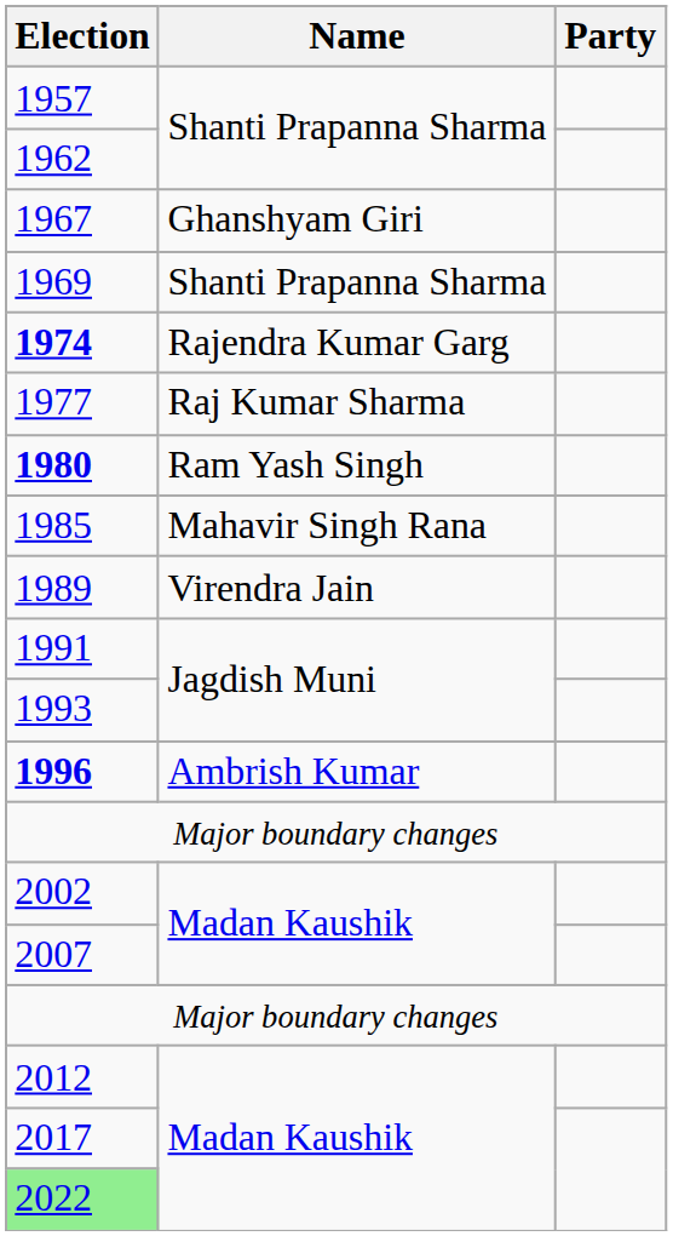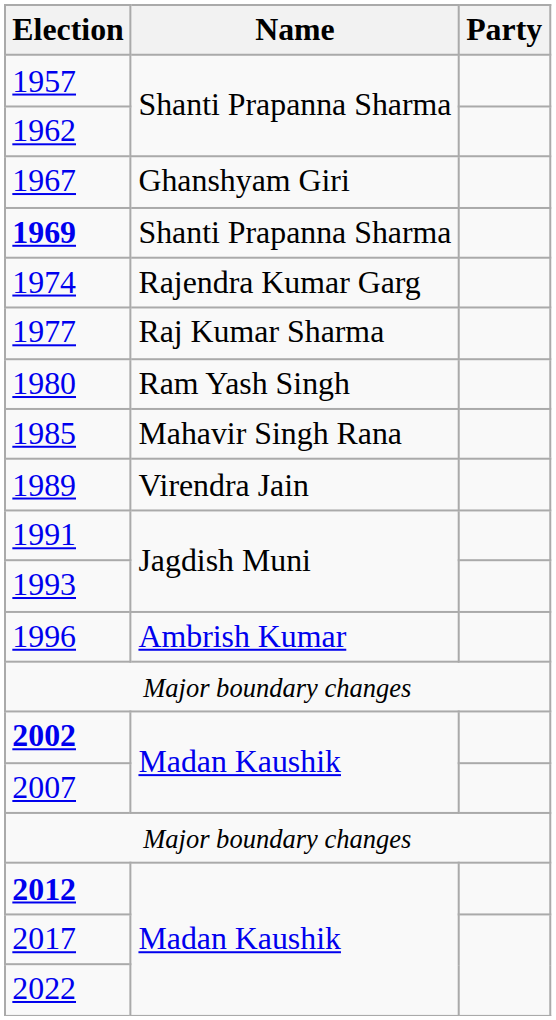 <table class="wikitable sortable">
 <tr>
 <th>Election</th>
 <th>Name</th>
 <th colspan=2>Party</th>
 </tr>
 <tr>
 <td><a href='#'>1957</a></td>
 <td rowspan="2">Shanti Prapanna Sharma</td>
 <td></td>
 </tr>
 <tr>
 <td><a href='#'>1962</a></td>
 </tr>
 <tr>
 <td><a href='#'>1967</a></td>
 <td>Ghanshyam Giri</td>
 <td></td>
 </tr>
 <tr>
-<td><a href='#'>1969</a></td>
+<td><strong><a href='#'>1969</a></strong></td>
 <td>Shanti Prapanna Sharma</td>
 <td></td>
 </tr>
 <tr>
-<td><strong><a href='#'>1974</a></strong></td>
+<td><a href='#'>1974</a></td>
 <td>Rajendra Kumar Garg</td>
 <td></td>
 </tr>
 <tr>
 <td><a href='#'>1977</a></td>
 <td>Raj Kumar Sharma</td>
 <td></td>
 </tr>
 <tr>
-<td><strong><a href='#'>1980</a></strong></td>
+<td><a href='#'>1980</a></td>
 <td>Ram Yash Singh</td>
 <td></td>
 </tr>
 <tr>
 <td><a href='#'>1985</a></td>
 <td>Mahavir Singh Rana</td>
 </tr>
 <tr>
 <td><a href='#'>1989</a></td>
 <td>Virendra Jain</td>
 <td></td>
 </tr>
 <tr>
 <td><a href='#'>1991</a></td>
 <td rowspan="2">Jagdish Muni</td>
 <td></td>
 </tr>
 <tr>
 <td><a href='#'>1993</a></td>
 </tr>
 <tr>
-<td><strong><a href='#'>1996</a></strong></td>
+<td><a href='#'>1996</a></td>
 <td><a href='#'>Ambrish Kumar</a></td>
 <td></td>
 </tr>
 <tr>
 <td colspan=4 align=center><small><em>Major boundary changes</em></small></td>
 </tr>
 <tr>
-<td><a href='#'>2002</a></td>
+<td><strong><a href='#'>2002</a></strong></td>
 <td rowspan="2"><a href='#'>Madan Kaushik</a></td>
 <td></td>
 </tr>
 <tr>
 <td><a href='#'>2007</a></td>
 </tr>
 <tr>
 <td colspan=4 align=center><small><em>Major boundary changes</em></small></td>
 </tr>
 <tr>
-<td><a href='#'>2012</a></td>
+<td><strong><a href='#'>2012</a></strong></td>
 <td rowspan="3"><a href='#'>Madan Kaushik</a></td>
 <td></td>
 </tr>
 <tr>
 <td><a href='#'>2017</a></td>
 </tr>
 <tr>
-<td style="background: lightgreen;"><a href='#'>2022</a></td>
+<td><a href='#'>2022</a></td>
 </tr>
 </table>
